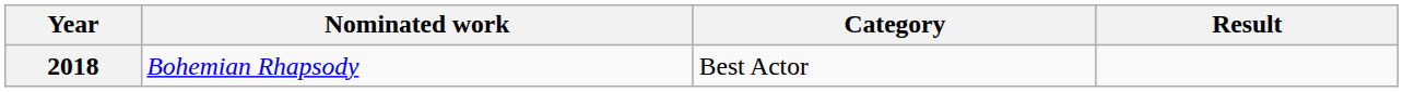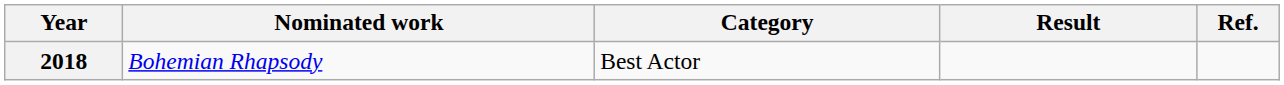 <table class="wikitable">
 <tr>
 <th width=2%>Year</th>
 <th width=11%>Nominated work</th>
 <th width=8%>Category</th>
 <th width=6%>Result</th>
+<th width=1%>Ref.</th>
 </tr>
 <tr>
 <th scope=row>2018</th>
 <td><em><a href='#'>Bohemian Rhapsody</a></em></td>
 <td>Best Actor</td>
 <td></td>
+<td style="text-align:center;"></td>
 </tr>
 </table>
